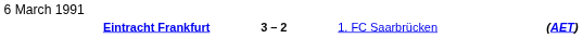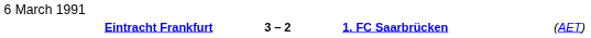 <table width=100% cellspacing=1>
 <tr>
 <th width=20%></th>
 <th width=12%></th>
 <th width=20%></th>
 <th></th>
 </tr>
 <tr>
 <td>6 March 1991</td>
 </tr>
 <tr style=font-size:90%>
 <td align=right><strong><a href='#'>Eintracht Frankfurt</a></strong></td>
 <td align=center><strong>3 – 2</strong></td>
-<td><a href='#'>1. FC Saarbrücken</a></td>
-<td><strong><em>(<a href='#'>AET</a>)</em></strong></td>
+<td><strong><a href='#'>1. FC Saarbrücken</a></strong></td>
+<td><em>(<a href='#'>AET</a>)</em></td>
 </tr>
 </table>
